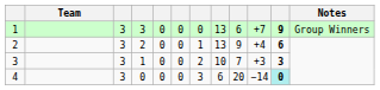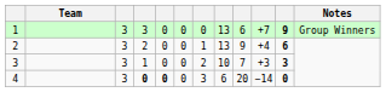 <table class="wikitable" style="text-align: center; font-size: 97%;">
 <tr>
 <th width="20"></th>
 <th width="110">Team</th>
 <th width="18"></th>
 <th width="22"></th>
 <th width="18"></th>
 <th width="18"></th>
 <th width="22"></th>
 <th width="18"></th>
 <th width="18"></th>
 <th width="25"></th>
 <th width="18"></th>
 <th width="105">Notes</th>
 </tr>
 <tr style="background-color: #ccffcc;">
 <td>1</td>
 <td align=left></td>
 <td>3</td>
 <td>3</td>
 <td>0</td>
 <td>0</td>
 <td>0</td>
 <td>13</td>
 <td>6</td>
 <td>+7</td>
 <td><strong>9</strong></td>
 <td>Group Winners</td>
 </tr>
 <tr>
 <td>2</td>
 <td align=left></td>
 <td>3</td>
 <td>2</td>
 <td>0</td>
 <td>0</td>
 <td>1</td>
 <td>13</td>
 <td>9</td>
 <td>+4</td>
 <td><strong>6</strong></td>
 <td rowspan="3"></td>
 </tr>
 <tr>
 <td>3</td>
 <td align=left></td>
 <td>3</td>
 <td>1</td>
 <td>0</td>
 <td>0</td>
 <td>2</td>
 <td>10</td>
 <td>7</td>
 <td>+3</td>
 <td><strong>3</strong></td>
 </tr>
 <tr>
 <td>4</td>
 <td align=left></td>
 <td>3</td>
-<td>0</td>
-<td>0</td>
+<td><strong>0</strong></td>
+<td><strong>0</strong></td>
 <td>0</td>
 <td>3</td>
 <td>6</td>
 <td>20</td>
 <td>−14</td>
-<td style="background: paleturquoise;"><strong>0</strong></td>
+<td><strong>0</strong></td>
 </tr>
 </table>
